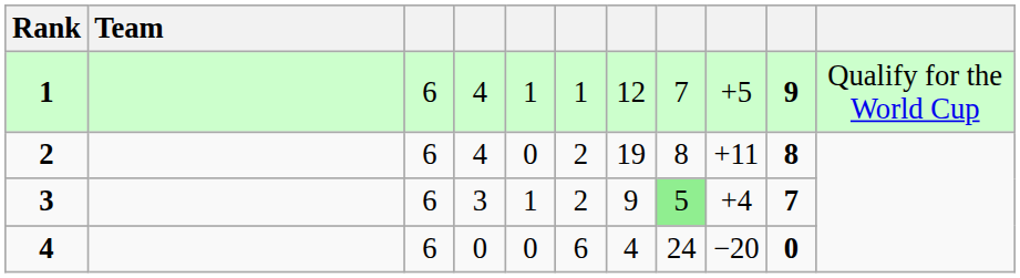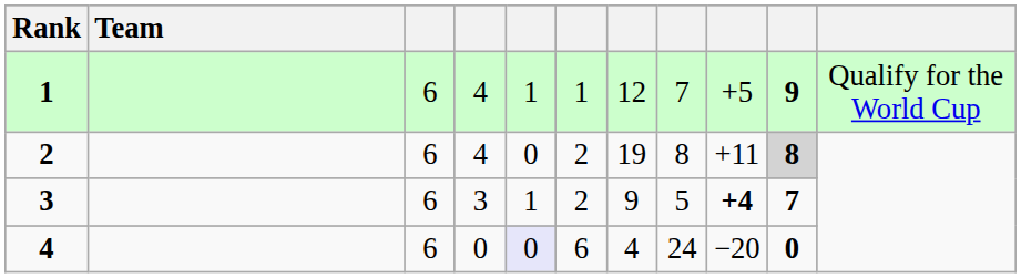 <table class="wikitable" style="text-align:center">
 <tr>
 <th width=30>Rank</th>
 <th width=165 style="text-align:left">Team</th>
 <th width=20></th>
 <th width=20></th>
 <th width=20></th>
 <th width=20></th>
 <th width=20></th>
 <th width=20></th>
 <th width=20></th>
 <th width=20></th>
 <th width=100></th>
 </tr>
 <tr bgcolor="#ccffcc">
 <td><strong>1</strong></td>
 <td align="left"></td>
 <td>6</td>
 <td>4</td>
 <td>1</td>
 <td>1</td>
 <td>12</td>
 <td>7</td>
 <td>+5</td>
 <td><strong>9</strong></td>
 <td col_=green1>Qualify for the <a href='#'>World Cup</a></td>
 </tr>
 <tr>
 <td><strong>2</strong></td>
 <td align="left"></td>
 <td>6</td>
 <td>4</td>
 <td>0</td>
 <td>2</td>
 <td>19</td>
 <td>8</td>
 <td>+11</td>
-<td><strong>8</strong></td>
+<td style="background: lightgrey;"><strong>8</strong></td>
 </tr>
 <tr>
 <td><strong>3</strong></td>
 <td align="left"></td>
 <td>6</td>
 <td>3</td>
 <td>1</td>
 <td>2</td>
 <td>9</td>
-<td style="background: lightgreen;">5</td>
-<td>+4</td>
+<td>5</td>
+<td><strong>+4</strong></td>
 <td><strong>7</strong></td>
 </tr>
 <tr>
 <td><strong>4</strong></td>
 <td align="left"></td>
 <td>6</td>
 <td>0</td>
-<td>0</td>
+<td style="background: lavender;">0</td>
 <td>6</td>
 <td>4</td>
 <td>24</td>
 <td>−20</td>
 <td><strong>0</strong></td>
 </tr>
 </table>
